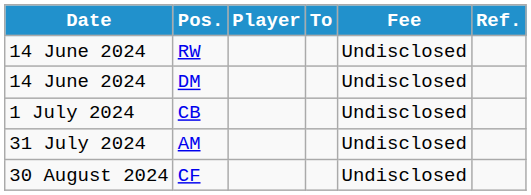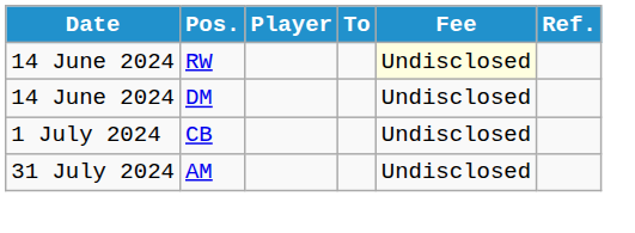 <table class="wikitable plainrowheaders sortable">
 <tr>
 <th style="background:#2191CC; color:#FFFFFF; ">Date</th>
 <th style="background:#2191CC; color:#FFFFFF; ">Pos.</th>
 <th style="background:#2191CC; color:#FFFFFF; ">Player</th>
 <th style="background:#2191CC; color:#FFFFFF; ">To</th>
 <th style="background:#2191CC; color:#FFFFFF; ">Fee</th>
 <th style="background:#2191CC; color:#FFFFFF; ">Ref.</th>
 </tr>
 <tr>
 <td>14 June 2024</td>
 <td><a href='#'>RW</a></td>
 <td></td>
 <td></td>
-<td>Undisclosed</td>
+<td style="background: lightyellow;">Undisclosed</td>
 <td></td>
 </tr>
 <tr>
 <td>14 June 2024</td>
 <td><a href='#'>DM</a></td>
 <td></td>
 <td></td>
 <td>Undisclosed</td>
 <td></td>
 </tr>
 <tr>
 <td>1 July 2024</td>
 <td><a href='#'>CB</a></td>
 <td></td>
 <td></td>
 <td>Undisclosed</td>
 <td></td>
 </tr>
 <tr>
 <td>31 July 2024</td>
 <td><a href='#'>AM</a></td>
 <td></td>
 <td></td>
 <td>Undisclosed</td>
 <td></td>
 </tr>
-<tr>
-<td>30 August 2024</td>
-<td><a href='#'>CF</a></td>
-<td></td>
-<td></td>
-<td>Undisclosed</td>
-<td></td>
-</tr>
 </table>
